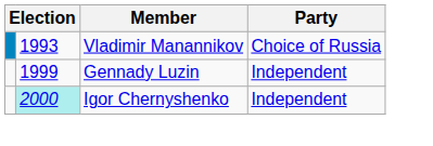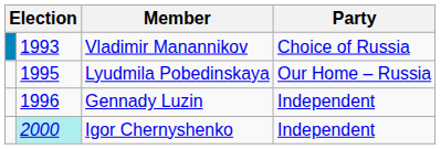 <table class="wikitable">
 <tr>
 <th colspan="2">Election</th>
 <th>Member</th>
 <th>Party</th>
 </tr>
 <tr>
 <td style="background-color:#0085BE"></td>
 <td><a href='#'>1993</a></td>
 <td><a href='#'>Vladimir Manannikov</a></td>
 <td><a href='#'>Choice of Russia</a></td>
 </tr>
 <tr>
 <td style="background-color: "></td>
-<td><a href='#'>1999</a></td>
+<td><a href='#'>1995</a></td>
+<td><a href='#'>Lyudmila Pobedinskaya</a></td>
+<td><a href='#'>Our Home – Russia</a></td>
+</tr>
+<tr>
+<td style="background-color: "></td>
+<td><a href='#'>1996</a></td>
 <td><a href='#'>Gennady Luzin</a></td>
 <td><a href='#'>Independent</a></td>
 </tr>
 <tr>
 <td style="background-color: "></td>
 <td style="background: paleturquoise;"><em><a href='#'>2000</a></em></td>
 <td><a href='#'>Igor Chernyshenko</a></td>
 <td><a href='#'>Independent</a></td>
 </tr>
 </table>
